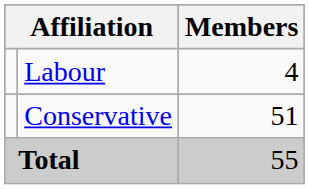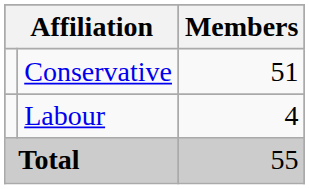 <table class="wikitable">
 <tr>
 <th colspan="2">Affiliation</th>
 <th>Members</th>
 </tr>
 <tr>
 <td></td>
-<td><a href='#'>Labour</a></td>
-<td style="text-align:right;">4</td>
+<td><a href='#'>Conservative</a></td>
+<td style="text-align:right;">51</td>
 </tr>
 <tr>
 <td></td>
-<td><a href='#'>Conservative</a></td>
-<td style="text-align:right;">51</td>
+<td><a href='#'>Labour</a></td>
+<td style="text-align:right;">4</td>
 </tr>
 <tr style="background:#ccc;">
 <td colspan="2"> <strong>Total</strong></td>
 <td style="text-align:right;">55</td>
 </tr>
 </table>
